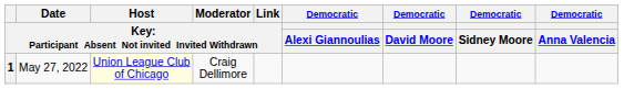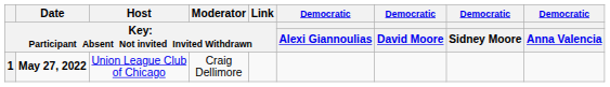 <table class="wikitable" style="text-align:center;">
 <tr>
 <th scope="col"></th>
 <th scope="col">Date</th>
 <th scope="col">Host</th>
 <th scope="col">Moderator</th>
 <th scope="col">Link</th>
 <th scope="col"><small><a href='#'>Democratic</a></small></th>
 <th scope="col"><small><a href='#'>Democratic</a></small></th>
 <th scope="col"><small><a href='#'>Democratic</a></small></th>
 <th scope="col"><small><a href='#'>Democratic</a></small></th>
 </tr>
 <tr>
 <th colspan="5" rowspan="2">Key:<br> <small>Participant </small>  <small>Absent </small>  <small>Not invited </small>  <small>Invited  Withdrawn</small></th>
 <th scope="col" style="background:"></th>
 <th scope="col" style="background:"></th>
 <th scope="col" style="background:"></th>
 <th scope="col" style="background:"></th>
 </tr>
 <tr>
 <th scope="col"><a href='#'>Alexi Giannoulias</a></th>
 <th scope="col"><a href='#'>David Moore</a></th>
 <th scope="col">Sidney Moore</th>
 <th scope="col"><a href='#'>Anna Valencia</a></th>
 </tr>
 <tr>
 <th>1</th>
-<td style="white-space:nowrap;">May 27, 2022</td>
-<td style="background: lightyellow; white-space:nowrap;"><a href='#'>Union League Club</a><br><a href='#'>of Chicago</a></td>
+<td style="white-space:nowrap;"><strong>May 27, 2022</strong></td>
+<td style="white-space:nowrap;"><a href='#'>Union League Club</a><br><a href='#'>of Chicago</a></td>
 <td style="white-space:nowrap;">Craig<br>Dellimore</td>
 <td style="white-space:nowrap;"></td>
 <td></td>
 <td></td>
 <td></td>
 <td></td>
 </tr>
 </table>
